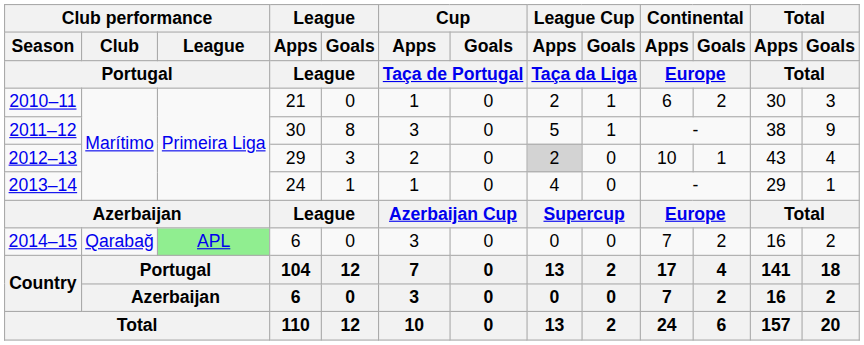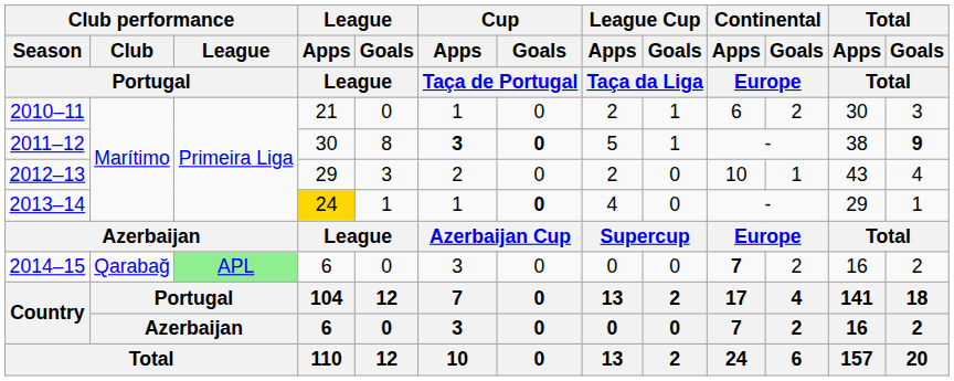 <table class="wikitable" style="text-align:center;">
 <tr>
 <th colspan=3>Club performance</th>
 <th colspan=2>League</th>
 <th colspan=2>Cup</th>
 <th colspan=2>League Cup</th>
 <th colspan=2>Continental</th>
 <th colspan=2>Total</th>
 </tr>
 <tr>
 <th>Season</th>
 <th>Club</th>
 <th>League</th>
 <th>Apps</th>
 <th>Goals</th>
 <th>Apps</th>
 <th>Goals</th>
 <th>Apps</th>
 <th>Goals</th>
 <th>Apps</th>
 <th>Goals</th>
 <th>Apps</th>
 <th>Goals</th>
 </tr>
 <tr>
 <th colspan=3>Portugal</th>
 <th colspan=2>League</th>
 <th colspan=2><a href='#'>Taça de Portugal</a></th>
 <th colspan=2><a href='#'>Taça da Liga</a></th>
 <th colspan=2><a href='#'>Europe</a></th>
 <th colspan=2>Total</th>
 </tr>
 <tr>
 <td><a href='#'>2010–11</a></td>
 <td rowspan="4"><a href='#'>Marítimo</a></td>
 <td rowspan="4"><a href='#'>Primeira Liga</a></td>
 <td>21</td>
 <td>0</td>
 <td>1</td>
 <td>0</td>
 <td>2</td>
 <td>1</td>
 <td>6</td>
 <td>2</td>
 <td>30</td>
 <td>3</td>
 </tr>
 <tr>
 <td><a href='#'>2011–12</a></td>
 <td>30</td>
 <td>8</td>
-<td>3</td>
-<td>0</td>
+<td><strong>3</strong></td>
+<td><strong>0</strong></td>
 <td>5</td>
 <td>1</td>
 <td colspan="2">-</td>
 <td>38</td>
-<td>9</td>
+<td><strong>9</strong></td>
 </tr>
 <tr>
 <td><a href='#'>2012–13</a></td>
 <td>29</td>
 <td>3</td>
 <td>2</td>
 <td>0</td>
-<td style="background: lightgrey;">2</td>
+<td>2</td>
 <td>0</td>
 <td>10</td>
 <td>1</td>
 <td>43</td>
 <td>4</td>
 </tr>
 <tr>
 <td><a href='#'>2013–14</a></td>
-<td>24</td>
+<td style="background: gold;">24</td>
 <td>1</td>
 <td>1</td>
-<td>0</td>
+<td><strong>0</strong></td>
 <td>4</td>
 <td>0</td>
 <td colspan="2">-</td>
 <td>29</td>
 <td>1</td>
 </tr>
 <tr>
 <th colspan=3>Azerbaijan</th>
 <th colspan=2>League</th>
 <th colspan=2><a href='#'>Azerbaijan Cup</a></th>
 <th colspan=2><a href='#'>Supercup</a></th>
 <th colspan=2><a href='#'>Europe</a></th>
 <th colspan=2>Total</th>
 </tr>
 <tr>
 <td><a href='#'>2014–15</a></td>
 <td><a href='#'>Qarabağ</a></td>
 <td style="background: lightgreen;"><a href='#'>APL</a></td>
 <td>6</td>
 <td>0</td>
 <td>3</td>
 <td>0</td>
 <td>0</td>
 <td>0</td>
-<td>7</td>
+<td><strong>7</strong></td>
 <td>2</td>
 <td>16</td>
 <td>2</td>
 </tr>
 <tr>
 <th rowspan=2>Country</th>
 <th colspan=2>Portugal</th>
 <th>104</th>
 <th>12</th>
 <th>7</th>
 <th>0</th>
 <th>13</th>
 <th>2</th>
 <th>17</th>
 <th>4</th>
 <th>141</th>
 <th>18</th>
 </tr>
 <tr>
 <th colspan=2>Azerbaijan</th>
 <th>6</th>
 <th>0</th>
 <th>3</th>
 <th>0</th>
 <th>0</th>
 <th>0</th>
 <th>7</th>
 <th>2</th>
 <th>16</th>
 <th>2</th>
 </tr>
 <tr>
 <th colspan=3>Total</th>
 <th>110</th>
 <th>12</th>
 <th>10</th>
 <th>0</th>
 <th>13</th>
 <th>2</th>
 <th>24</th>
 <th>6</th>
 <th>157</th>
 <th>20</th>
 </tr>
 </table>
